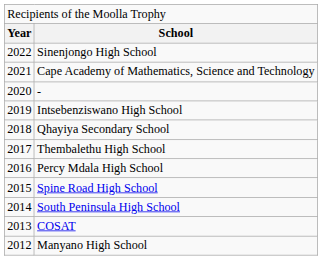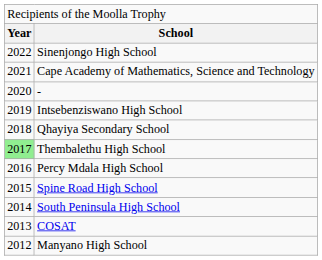 <table class="wikitable sortable">
 <tr>
 <td colspan="3">Recipients of the Moolla Trophy</td>
 </tr>
 <tr>
 <th>Year</th>
 <th>School</th>
 </tr>
 <tr>
 <td>2022</td>
 <td>Sinenjongo High School</td>
 </tr>
 <tr>
 <td>2021</td>
 <td>Cape Academy of Mathematics, Science and Technology</td>
 </tr>
 <tr>
 <td>2020</td>
 <td>-</td>
 </tr>
 <tr>
 <td>2019</td>
 <td>Intsebenziswano High School</td>
 </tr>
 <tr>
 <td>2018</td>
 <td>Qhayiya Secondary School</td>
 </tr>
 <tr>
-<td>2017</td>
+<td style="background: lightgreen;">2017</td>
 <td>Thembalethu High School</td>
 </tr>
 <tr>
 <td>2016</td>
 <td>Percy Mdala High School</td>
 </tr>
 <tr>
 <td>2015</td>
 <td><a href='#'>Spine Road High School</a></td>
 </tr>
 <tr>
 <td>2014</td>
 <td><a href='#'>South Peninsula High School</a></td>
 </tr>
 <tr>
 <td>2013</td>
 <td><a href='#'>COSAT</a></td>
 </tr>
 <tr>
 <td>2012</td>
 <td>Manyano High School</td>
 </tr>
 </table>
